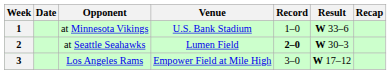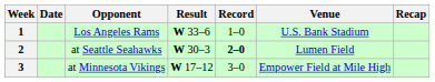 <table class="wikitable" style="text-align:center">
 <tr>
 <th>Week</th>
 <th>Date</th>
 <th>Opponent</th>
+<th>Result</th>
+<th>Record</th>
 <th>Venue</th>
-<th>Record</th>
-<th>Result</th>
 <th>Recap</th>
 </tr>
 <tr style="background:#cfc">
 <th>1</th>
 <td></td>
-<td>at <a href='#'>Minnesota Vikings</a></td>
+<td><a href='#'>Los Angeles Rams</a></td>
+<td><strong>W</strong> 33–6</td>
+<td>1–0</td>
 <td><a href='#'>U.S. Bank Stadium</a></td>
-<td>1–0</td>
-<td><strong>W</strong> 33–6</td>
 <td></td>
 </tr>
 <tr style="background:#cfc">
 <th>2</th>
 <td></td>
 <td>at <a href='#'>Seattle Seahawks</a></td>
+<td><strong>W</strong> 30–3</td>
+<td><strong>2–0</strong></td>
 <td><a href='#'>Lumen Field</a></td>
-<td><strong>2–0</strong></td>
-<td><strong>W</strong> 30–3</td>
 <td></td>
 </tr>
 <tr style="background:#cfc">
 <th>3</th>
 <td></td>
-<td><a href='#'>Los Angeles Rams</a></td>
+<td>at <a href='#'>Minnesota Vikings</a></td>
+<td><strong>W</strong> 17–12</td>
+<td>3–0</td>
 <td><a href='#'>Empower Field at Mile High</a></td>
-<td>3–0</td>
-<td><strong>W</strong> 17–12</td>
 <td></td>
 </tr>
 </table>
